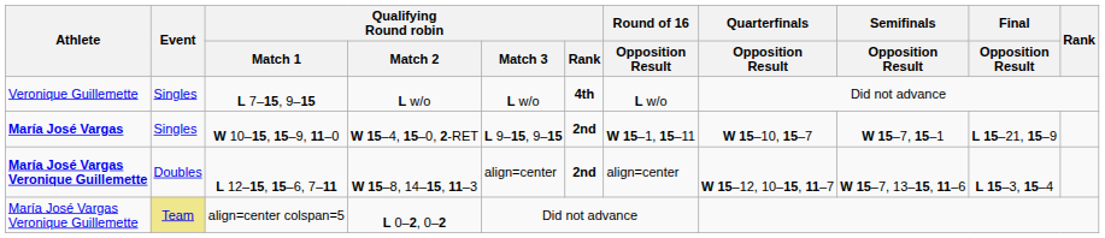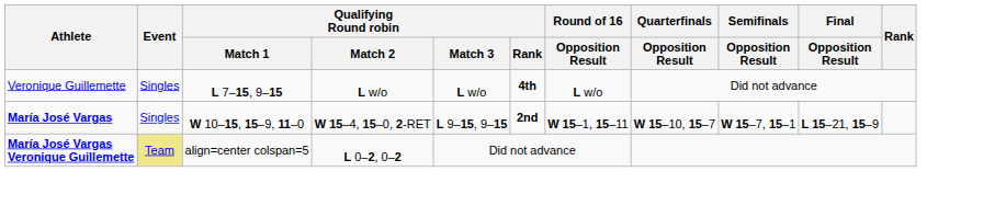 <table class="wikitable" style="font-size:90%">
 <tr>
 <th rowspan="2">Athlete</th>
 <th rowspan="2">Event</th>
 <th colspan="4">Qualifying<br>Round robin</th>
 <th>Round of 16</th>
 <th>Quarterfinals</th>
 <th>Semifinals</th>
 <th>Final</th>
 <th rowspan="2">Rank</th>
 </tr>
 <tr>
 <th>Match 1</th>
 <th>Match 2</th>
 <th>Match 3</th>
 <th>Rank</th>
 <th>Opposition<br>Result</th>
 <th>Opposition<br>Result</th>
 <th>Opposition<br>Result</th>
 <th>Opposition<br>Result</th>
 </tr>
 <tr>
 <td><a href='#'>Veronique Guillemette</a></td>
 <td><a href='#'>Singles</a></td>
 <td align=center><br><strong>L</strong> 7–<strong>15</strong>, 9–<strong>15</strong></td>
 <td align=center><br><strong>L</strong> w/o</td>
 <td align=center><br><strong>L</strong> w/o</td>
 <td align=center><strong>4th</strong></td>
 <td align=center><br><strong>L</strong> w/o</td>
 <td align=center colspan=4>Did not advance</td>
 </tr>
 <tr>
 <td><strong><a href='#'>María José Vargas</a></strong></td>
 <td><a href='#'>Singles</a></td>
 <td align=center><br><strong>W</strong> 10–<strong>15</strong>, <strong>15</strong>–9, <strong>11</strong>–0</td>
 <td align=center><br><strong>W</strong> <strong>15</strong>–4, <strong>15</strong>–0, <strong>2</strong>-RET</td>
 <td align=center><br><strong>L</strong> 9–<strong>15</strong>, 9–<strong>15</strong></td>
 <td align=center><strong>2nd</strong></td>
 <td align=center><br><strong>W</strong> <strong>15</strong>–1, <strong>15</strong>–11</td>
 <td align=center><br><strong>W</strong> <strong>15</strong>–10, <strong>15</strong>–7</td>
 <td align=center><br><strong>W</strong> <strong>15</strong>–7, <strong>15</strong>–1</td>
 <td align=center><br><strong>L</strong> <strong>15</strong>–21, <strong>15</strong>–9</td>
 <td align=center></td>
 </tr>
 <tr>
-<td><strong><a href='#'>María José Vargas</a></strong><br><strong><a href='#'>Veronique Guillemette</a>  </strong></td>
-<td><a href='#'>Doubles</a></td>
-<td align=center><br><br><strong>L</strong> 12–<strong>15</strong>, <strong>15</strong>–6, 7–<strong>11</strong></td>
-<td align=center><br><br><strong>W</strong> <strong>15</strong>–8, 14–<strong>15</strong>, <strong>11</strong>–3</td>
-<td>align=center </td>
-<td align=center><strong>2nd</strong></td>
-<td>align=center </td>
-<td align=center><br><br><strong>W</strong> <strong>15</strong>–12, 10–<strong>15</strong>, <strong>11</strong>–7</td>
-<td align=center><br><br><strong>W</strong> <strong>15</strong>–7, 13–<strong>15</strong>, <strong>11</strong>–6</td>
-<td align=center><br><br><strong>L</strong> <strong>15</strong>–3, <strong>15</strong>–4</td>
-<td align=center></td>
-</tr>
-<tr>
-<td><a href='#'>María José Vargas</a><br><a href='#'>Veronique Guillemette</a></td>
+<td><strong><a href='#'>María José Vargas</a><br><a href='#'>Veronique Guillemette</a></strong></td>
 <td align=center style="background: khaki;"><a href='#'>Team</a></td>
 <td>align=center colspan=5 </td>
 <td align=center><br><strong>L</strong> 0–<strong>2</strong>, 0–<strong>2</strong></td>
 <td align=center colspan=3>Did not advance</td>
 </tr>
 </table>
